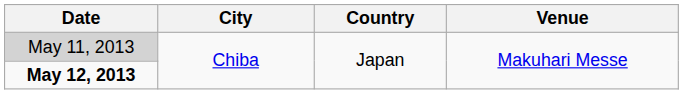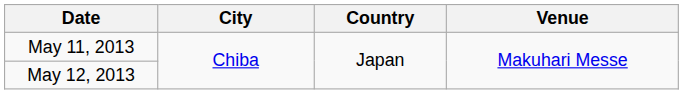 <table class="wikitable" style="text-align:center;">
 <tr>
 <th style="width:200px;">Date</th>
 <th style="width:200px;">City</th>
 <th style="width:150px;">Country</th>
 <th style="width:300px;">Venue</th>
 </tr>
 <tr>
-<td style="background: lightgrey;">May 11, 2013</td>
+<td>May 11, 2013</td>
 <td rowspan="2"><a href='#'>Chiba</a></td>
 <td rowspan="2">Japan</td>
 <td rowspan="2"><a href='#'>Makuhari Messe</a></td>
 </tr>
 <tr>
-<td><strong>May 12, 2013</strong></td>
+<td>May 12, 2013</td>
 </tr>
 </table>
